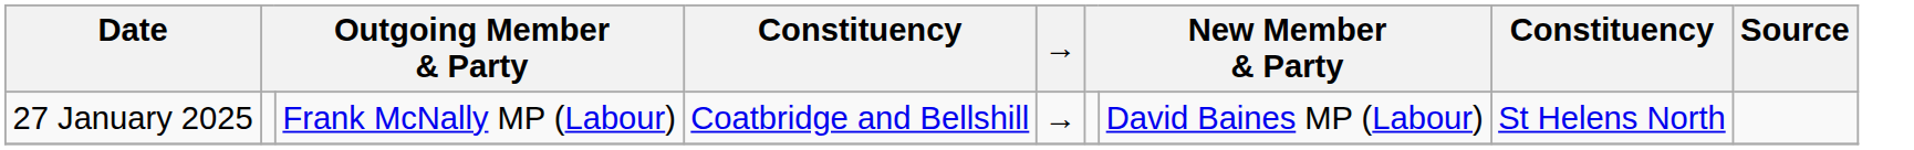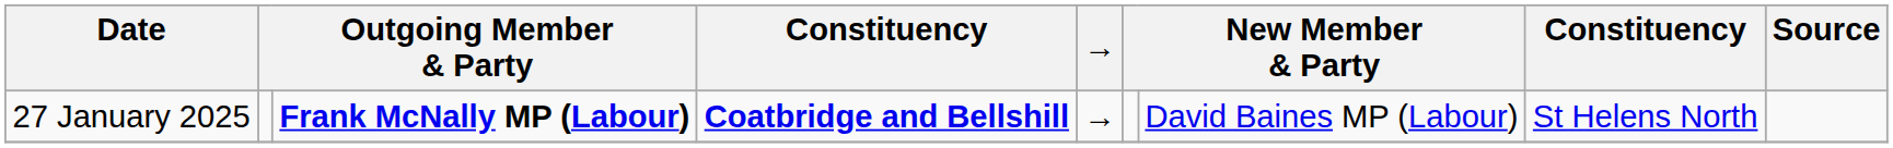 <table class="wikitable">
 <tr>
 <th valign="top">Date</th>
 <th colspan="2" valign="top">Outgoing Member<br>& Party</th>
 <th valign="top">Constituency</th>
 <th>→</th>
 <th colspan="2" valign="top">New Member<br>& Party</th>
 <th valign="top">Constituency</th>
 <th valign="top">Source</th>
 </tr>
 <tr>
 <td nowrap>27 January 2025</td>
 <td style="color:inherit;background:"></td>
-<td><a href='#'>Frank McNally</a> MP (<a href='#'>Labour</a>)</td>
-<td><a href='#'>Coatbridge and Bellshill</a></td>
+<td><strong><a href='#'>Frank McNally</a> MP (<a href='#'>Labour</a>)</strong></td>
+<td><strong><a href='#'>Coatbridge and Bellshill</a></strong></td>
 <td>→</td>
 <td style="color:inherit;background:"></td>
 <td><a href='#'>David Baines</a> MP (<a href='#'>Labour</a>)</td>
 <td><a href='#'>St Helens North</a></td>
 <td></td>
 </tr>
 <tr>
 </tr>
 </table>
